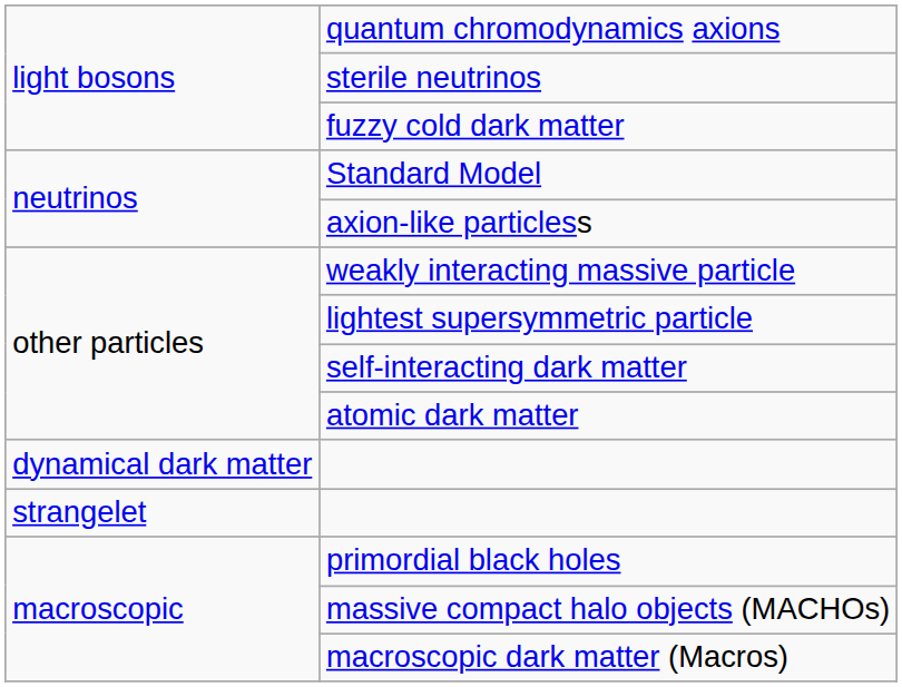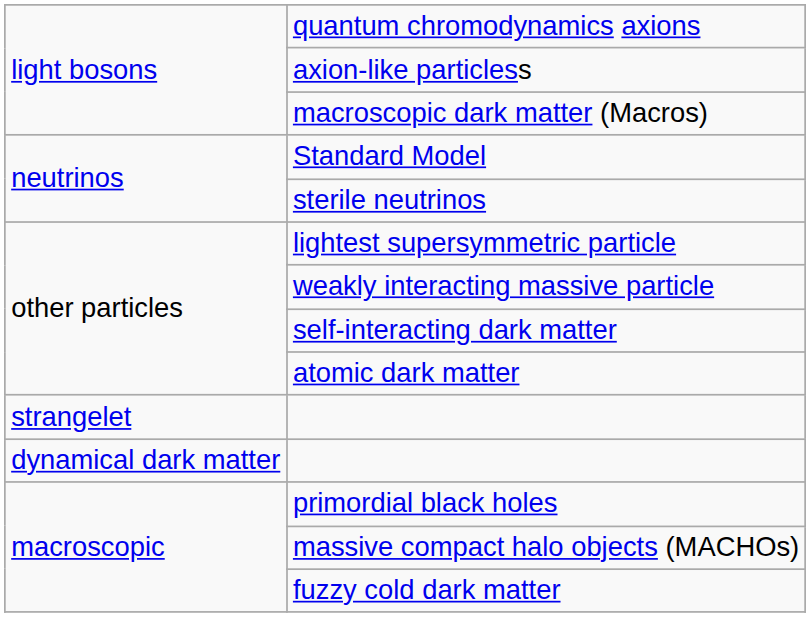 <table class = wikitable>
 <tr>
 <td rowspan=3><a href='#'>light bosons</a></td>
 <td><a href='#'>quantum chromodynamics</a> <a href='#'>axions</a></td>
 </tr>
 <tr>
-<td><a href='#'>sterile neutrinos</a></td>
+<td><a href='#'>axion-like particles</a>s</td>
 </tr>
 <tr>
-<td><a href='#'>fuzzy cold dark matter</a></td>
+<td><a href='#'>macroscopic dark matter</a> (Macros)</td>
 </tr>
 <tr>
 <td rowspan=2><a href='#'>neutrinos</a></td>
 <td><a href='#'>Standard Model</a></td>
 </tr>
 <tr>
-<td><a href='#'>axion-like particles</a>s</td>
+<td><a href='#'>sterile neutrinos</a></td>
 </tr>
 <tr>
 <td rowspan=4>other particles</td>
-<td><a href='#'>weakly interacting massive particle</a></td>
+<td><a href='#'>lightest supersymmetric particle</a></td>
 </tr>
 <tr>
-<td><a href='#'>lightest supersymmetric particle</a></td>
+<td><a href='#'>weakly interacting massive particle</a></td>
 </tr>
 <tr>
 <td><a href='#'>self-interacting dark matter</a></td>
 </tr>
 <tr>
 <td><a href='#'>atomic dark matter</a></td>
 </tr>
 <tr>
-<td><a href='#'>dynamical dark matter</a></td>
+<td><a href='#'>strangelet</a></td>
 </tr>
 <tr>
-<td><a href='#'>strangelet</a></td>
+<td><a href='#'>dynamical dark matter</a></td>
 <td></td>
 </tr>
 <tr>
 <td rowspan=3><a href='#'>macroscopic</a></td>
 <td><a href='#'>primordial black holes</a></td>
 </tr>
 <tr>
 <td><a href='#'>massive compact halo objects</a> (MACHOs)</td>
 </tr>
 <tr>
-<td><a href='#'>macroscopic dark matter</a> (Macros)</td>
+<td><a href='#'>fuzzy cold dark matter</a></td>
 </tr>
 </table>
